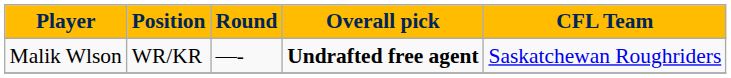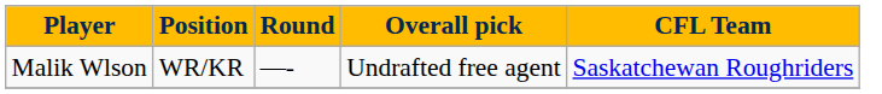 <table class="wikitable" border="1">
 <tr>
 <th style="background: #FFBC00; color: #002659">Player</th>
 <th style="background: #FFBC00; color: #002659">Position</th>
 <th style="background: #FFBC00; color: #002659">Round</th>
 <th style="background: #FFBC00; color: #002659">Overall pick</th>
 <th style="background: #FFBC00; color: #002659">CFL Team</th>
 </tr>
 <tr>
 <td>Malik Wlson</td>
 <td>WR/KR</td>
 <td>—-</td>
-<td><strong>Undrafted free agent</strong></td>
+<td>Undrafted free agent</td>
 <td><a href='#'>Saskatchewan Roughriders</a></td>
 </tr>
 <tr>
 </tr>
 </table>
